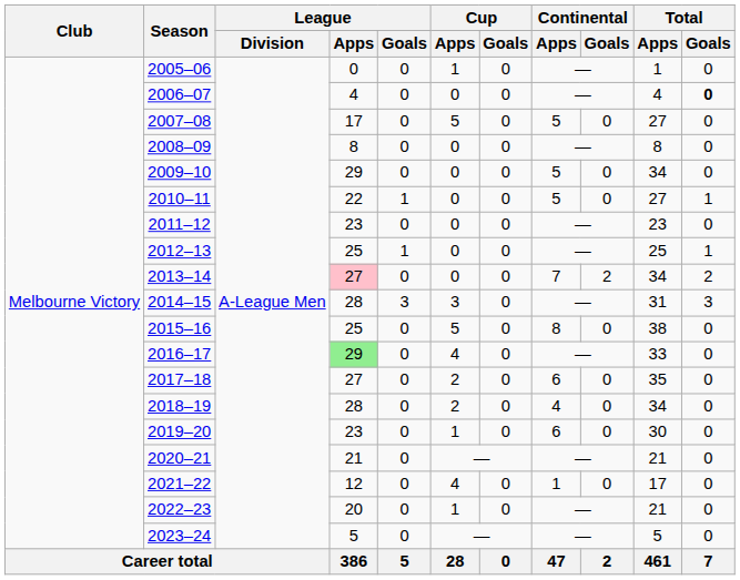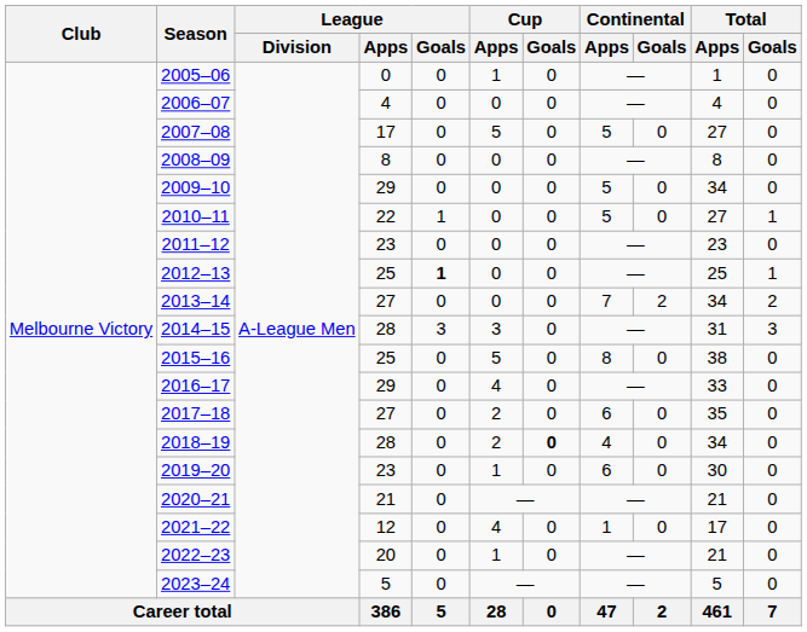 <table class="wikitable" style="text-align:center">
 <tr>
 <th rowspan=2>Club</th>
 <th rowspan=2>Season</th>
 <th colspan=3>League</th>
 <th colspan=2>Cup</th>
 <th colspan=2>Continental</th>
 <th colspan=2>Total</th>
 </tr>
 <tr>
 <th>Division</th>
 <th>Apps</th>
 <th>Goals</th>
 <th>Apps</th>
 <th>Goals</th>
 <th>Apps</th>
 <th>Goals</th>
 <th>Apps</th>
 <th>Goals</th>
 </tr>
 <tr>
 <td rowspan="19"><a href='#'>Melbourne Victory</a></td>
 <td><a href='#'>2005–06</a></td>
 <td rowspan="19"><a href='#'>A-League Men</a></td>
 <td>0</td>
 <td>0</td>
 <td>1</td>
 <td>0</td>
 <td colspan="2">—</td>
 <td>1</td>
 <td>0</td>
 </tr>
 <tr>
 <td><a href='#'>2006–07</a></td>
 <td>4</td>
 <td>0</td>
 <td>0</td>
 <td>0</td>
 <td colspan="2">—</td>
 <td>4</td>
-<td><strong>0</strong></td>
+<td>0</td>
 </tr>
 <tr>
 <td><a href='#'>2007–08</a></td>
 <td>17</td>
 <td>0</td>
 <td>5</td>
 <td>0</td>
 <td>5</td>
 <td>0</td>
 <td>27</td>
 <td>0</td>
 </tr>
 <tr>
 <td><a href='#'>2008–09</a></td>
 <td>8</td>
 <td>0</td>
 <td>0</td>
 <td>0</td>
 <td colspan="2">—</td>
 <td>8</td>
 <td>0</td>
 </tr>
 <tr>
 <td><a href='#'>2009–10</a></td>
 <td>29</td>
 <td>0</td>
 <td>0</td>
 <td>0</td>
 <td>5</td>
 <td>0</td>
 <td>34</td>
 <td>0</td>
 </tr>
 <tr>
 <td><a href='#'>2010–11</a></td>
 <td>22</td>
 <td>1</td>
 <td>0</td>
 <td>0</td>
 <td>5</td>
 <td>0</td>
 <td>27</td>
 <td>1</td>
 </tr>
 <tr>
 <td><a href='#'>2011–12</a></td>
 <td>23</td>
 <td>0</td>
 <td>0</td>
 <td>0</td>
 <td colspan="2">—</td>
 <td>23</td>
 <td>0</td>
 </tr>
 <tr>
 <td><a href='#'>2012–13</a></td>
 <td>25</td>
-<td>1</td>
+<td><strong>1</strong></td>
 <td>0</td>
 <td>0</td>
 <td colspan="2">—</td>
 <td>25</td>
 <td>1</td>
 </tr>
 <tr>
 <td><a href='#'>2013–14</a></td>
-<td style="background: pink;">27</td>
+<td>27</td>
 <td>0</td>
 <td>0</td>
 <td>0</td>
 <td>7</td>
 <td>2</td>
 <td>34</td>
 <td>2</td>
 </tr>
 <tr>
 <td><a href='#'>2014–15</a></td>
 <td>28</td>
 <td>3</td>
 <td>3</td>
 <td>0</td>
 <td colspan="2">—</td>
 <td>31</td>
 <td>3</td>
 </tr>
 <tr>
 <td><a href='#'>2015–16</a></td>
 <td>25</td>
 <td>0</td>
 <td>5</td>
 <td>0</td>
 <td>8</td>
 <td>0</td>
 <td>38</td>
 <td>0</td>
 </tr>
 <tr>
 <td><a href='#'>2016–17</a></td>
-<td style="background: lightgreen;">29</td>
+<td>29</td>
 <td>0</td>
 <td>4</td>
 <td>0</td>
 <td colspan="2">—</td>
 <td>33</td>
 <td>0</td>
 </tr>
 <tr>
 <td><a href='#'>2017–18</a></td>
 <td>27</td>
 <td>0</td>
 <td>2</td>
 <td>0</td>
 <td>6</td>
 <td>0</td>
 <td>35</td>
 <td>0</td>
 </tr>
 <tr>
 <td><a href='#'>2018–19</a></td>
 <td>28</td>
 <td>0</td>
 <td>2</td>
-<td>0</td>
+<td><strong>0</strong></td>
 <td>4</td>
 <td>0</td>
 <td>34</td>
 <td>0</td>
 </tr>
 <tr>
 <td><a href='#'>2019–20</a></td>
 <td>23</td>
 <td>0</td>
 <td>1</td>
 <td>0</td>
 <td>6</td>
 <td>0</td>
 <td>30</td>
 <td>0</td>
 </tr>
 <tr>
 <td><a href='#'>2020–21</a></td>
 <td>21</td>
 <td>0</td>
 <td colspan="2">—</td>
 <td colspan="2">—</td>
 <td>21</td>
 <td>0</td>
 </tr>
 <tr>
 <td><a href='#'>2021–22</a></td>
 <td>12</td>
 <td>0</td>
 <td>4</td>
 <td>0</td>
 <td>1</td>
 <td>0</td>
 <td>17</td>
 <td>0</td>
 </tr>
 <tr>
 <td><a href='#'>2022–23</a></td>
 <td>20</td>
 <td>0</td>
 <td>1</td>
 <td>0</td>
 <td colspan="2">—</td>
 <td>21</td>
 <td>0</td>
 </tr>
 <tr>
 <td><a href='#'>2023–24</a></td>
 <td>5</td>
 <td>0</td>
 <td colspan="2">—</td>
 <td colspan="2">—</td>
 <td>5</td>
 <td>0</td>
 </tr>
 <tr>
 <th colspan="3">Career total</th>
 <th>386</th>
 <th>5</th>
 <th>28</th>
 <th>0</th>
 <th>47</th>
 <th>2</th>
 <th>461</th>
 <th>7</th>
 </tr>
 </table>
